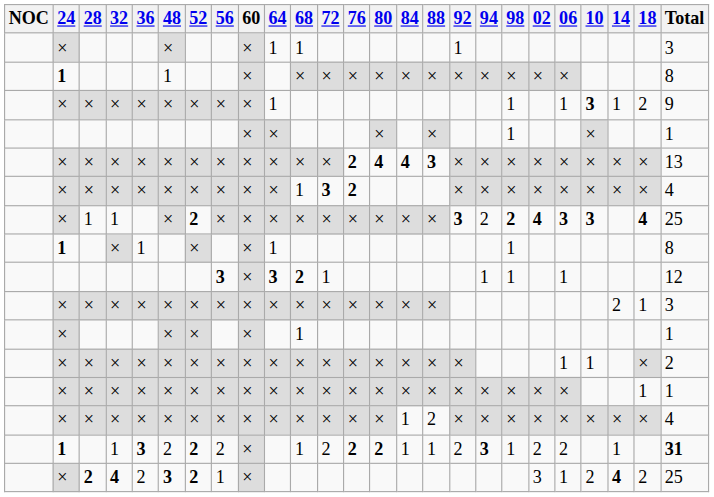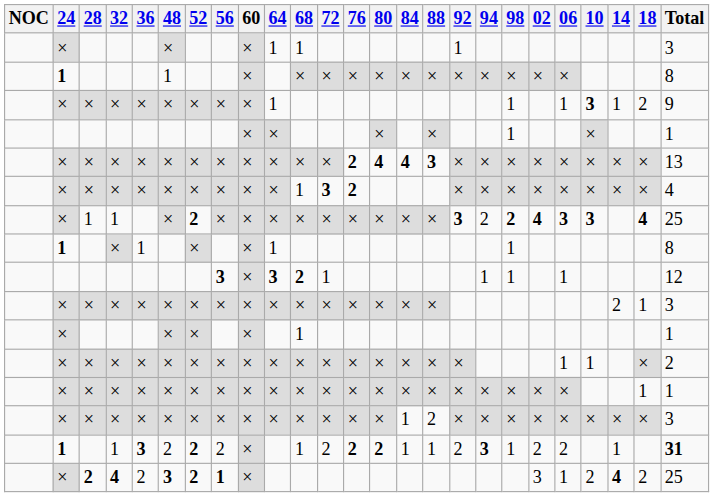 <table class=wikitable collapsible autocollapse plainrowheaders>
 <tr>
 <th>NOC</th>
 <th><a href='#'>24</a></th>
 <th><a href='#'>28</a></th>
 <th><a href='#'>32</a></th>
 <th><a href='#'>36</a></th>
 <th><a href='#'>48</a></th>
 <th><a href='#'>52</a></th>
 <th><a href='#'>56</a></th>
 <th class="unsortable"><span>60</span></th>
 <th><a href='#'>64</a></th>
 <th><a href='#'>68</a></th>
 <th><a href='#'>72</a></th>
 <th><a href='#'>76</a></th>
 <th><a href='#'>80</a></th>
 <th><a href='#'>84</a></th>
 <th><a href='#'>88</a></th>
 <th><a href='#'>92</a></th>
 <th><a href='#'>94</a></th>
 <th><a href='#'>98</a></th>
 <th><a href='#'>02</a></th>
 <th><a href='#'>06</a></th>
 <th><a href='#'>10</a></th>
 <th><a href='#'>14</a></th>
 <th><a href='#'>18</a></th>
 <th>Total</th>
 </tr>
 <tr>
 <td align=left></td>
 <td style="background:#ddd">×</td>
 <td></td>
 <td></td>
 <td></td>
 <td style="background:#ddd">×</td>
 <td></td>
 <td></td>
 <td style="background:#ddd">×</td>
 <td>1</td>
 <td>1</td>
 <td></td>
 <td></td>
 <td></td>
 <td></td>
 <td></td>
 <td>1</td>
 <td></td>
 <td></td>
 <td></td>
 <td></td>
 <td></td>
 <td></td>
 <td></td>
 <td>3</td>
 </tr>
 <tr>
 <td align=left></td>
 <td><strong>1</strong></td>
 <td></td>
 <td></td>
 <td></td>
 <td>1</td>
 <td></td>
 <td></td>
 <td style="background:#ddd">×</td>
 <td></td>
 <td style="background:#ddd">×</td>
 <td style="background:#ddd">×</td>
 <td style="background:#ddd">×</td>
 <td style="background:#ddd">×</td>
 <td style="background:#ddd">×</td>
 <td style="background:#ddd">×</td>
 <td style="background:#ddd">×</td>
 <td style="background:#ddd">×</td>
 <td style="background:#ddd">×</td>
 <td style="background:#ddd">×</td>
 <td style="background:#ddd">×</td>
 <td></td>
 <td></td>
 <td></td>
 <td>8</td>
 </tr>
 <tr>
 <td align=left></td>
 <td style="background:#ddd">×</td>
 <td style="background:#ddd">×</td>
 <td style="background:#ddd">×</td>
 <td style="background:#ddd">×</td>
 <td style="background:#ddd">×</td>
 <td style="background:#ddd">×</td>
 <td style="background:#ddd">×</td>
 <td style="background:#ddd">×</td>
 <td>1</td>
 <td></td>
 <td></td>
 <td></td>
 <td></td>
 <td></td>
 <td></td>
 <td></td>
 <td></td>
 <td>1</td>
 <td></td>
 <td>1</td>
 <td><strong>3</strong></td>
 <td>1</td>
 <td>2</td>
 <td>9</td>
 </tr>
 <tr>
 <td align=left></td>
 <td></td>
 <td></td>
 <td></td>
 <td></td>
 <td></td>
 <td></td>
 <td></td>
 <td style="background:#ddd">×</td>
 <td style="background:#ddd">×</td>
 <td></td>
 <td></td>
 <td></td>
 <td style="background:#ddd">×</td>
 <td></td>
 <td style="background:#ddd">×</td>
 <td></td>
 <td></td>
 <td>1</td>
 <td></td>
 <td></td>
 <td style="background:#ddd">×</td>
 <td></td>
 <td></td>
 <td>1</td>
 </tr>
 <tr>
 <td align=left></td>
 <td style="background:#ddd">×</td>
 <td style="background:#ddd">×</td>
 <td style="background:#ddd">×</td>
 <td style="background:#ddd">×</td>
 <td style="background:#ddd">×</td>
 <td style="background:#ddd">×</td>
 <td style="background:#ddd">×</td>
 <td style="background:#ddd">×</td>
 <td style="background:#ddd">×</td>
 <td style="background:#ddd">×</td>
 <td style="background:#ddd">×</td>
 <td><strong>2</strong></td>
 <td><strong>4</strong></td>
 <td><strong>4</strong></td>
 <td><strong>3</strong></td>
 <td style="background:#ddd">×</td>
 <td style="background:#ddd">×</td>
 <td style="background:#ddd">×</td>
 <td style="background:#ddd">×</td>
 <td style="background:#ddd">×</td>
 <td style="background:#ddd">×</td>
 <td style="background:#ddd">×</td>
 <td style="background:#ddd">×</td>
 <td>13</td>
 </tr>
 <tr>
 <td align=left></td>
 <td style="background:#ddd">×</td>
 <td style="background:#ddd">×</td>
 <td style="background:#ddd">×</td>
 <td style="background:#ddd">×</td>
 <td style="background:#ddd">×</td>
 <td style="background:#ddd">×</td>
 <td style="background:#ddd">×</td>
 <td style="background:#ddd">×</td>
 <td style="background:#ddd">×</td>
 <td>1</td>
 <td><strong>3</strong></td>
 <td><strong>2</strong></td>
 <td></td>
 <td></td>
 <td></td>
 <td style="background:#ddd">×</td>
 <td style="background:#ddd">×</td>
 <td style="background:#ddd">×</td>
 <td style="background:#ddd">×</td>
 <td style="background:#ddd">×</td>
 <td style="background:#ddd">×</td>
 <td style="background:#ddd">×</td>
 <td style="background:#ddd">×</td>
 <td>4</td>
 </tr>
 <tr>
 <td align=left></td>
 <td style="background:#ddd">×</td>
 <td>1</td>
 <td>1</td>
 <td></td>
 <td style="background:#ddd">×</td>
 <td><strong>2</strong></td>
 <td style="background:#ddd">×</td>
 <td style="background:#ddd">×</td>
 <td style="background:#ddd">×</td>
 <td style="background:#ddd">×</td>
 <td style="background:#ddd">×</td>
 <td style="background:#ddd">×</td>
 <td style="background:#ddd">×</td>
 <td style="background:#ddd">×</td>
 <td style="background:#ddd">×</td>
 <td><strong>3</strong></td>
 <td>2</td>
 <td><strong>2</strong></td>
 <td><strong>4</strong></td>
 <td><strong>3</strong></td>
 <td><strong>3</strong></td>
 <td></td>
 <td><strong>4</strong></td>
 <td>25</td>
 </tr>
 <tr>
 <td align=left></td>
 <td><strong>1</strong></td>
 <td></td>
 <td style="background:#ddd">×</td>
 <td>1</td>
 <td></td>
 <td style="background:#ddd">×</td>
 <td></td>
 <td style="background:#ddd">×</td>
 <td>1</td>
 <td></td>
 <td></td>
 <td></td>
 <td></td>
 <td></td>
 <td></td>
 <td></td>
 <td></td>
 <td>1</td>
 <td></td>
 <td></td>
 <td></td>
 <td></td>
 <td></td>
 <td>8</td>
 </tr>
 <tr>
 <td align=left></td>
 <td></td>
 <td></td>
 <td></td>
 <td></td>
 <td></td>
 <td></td>
 <td><strong>3</strong></td>
 <td style="background:#ddd">×</td>
 <td><strong>3</strong></td>
 <td><strong>2</strong></td>
 <td>1</td>
 <td></td>
 <td></td>
 <td></td>
 <td></td>
 <td></td>
 <td>1</td>
 <td>1</td>
 <td></td>
 <td>1</td>
 <td></td>
 <td></td>
 <td></td>
 <td>12</td>
 </tr>
 <tr>
 <td align=left></td>
 <td style="background:#ddd">×</td>
 <td style="background:#ddd">×</td>
 <td style="background:#ddd">×</td>
 <td style="background:#ddd">×</td>
 <td style="background:#ddd">×</td>
 <td style="background:#ddd">×</td>
 <td style="background:#ddd">×</td>
 <td style="background:#ddd">×</td>
 <td style="background:#ddd">×</td>
 <td style="background:#ddd">×</td>
 <td style="background:#ddd">×</td>
 <td style="background:#ddd">×</td>
 <td style="background:#ddd">×</td>
 <td style="background:#ddd">×</td>
 <td style="background:#ddd">×</td>
 <td></td>
 <td></td>
 <td></td>
 <td></td>
 <td></td>
 <td></td>
 <td>2</td>
 <td>1</td>
 <td>3</td>
 </tr>
 <tr>
 <td align=left></td>
 <td style="background:#ddd">×</td>
 <td></td>
 <td></td>
 <td></td>
 <td style="background:#ddd">×</td>
 <td style="background:#ddd">×</td>
 <td></td>
 <td style="background:#ddd">×</td>
 <td></td>
 <td>1</td>
 <td></td>
 <td></td>
 <td></td>
 <td></td>
 <td></td>
 <td></td>
 <td></td>
 <td></td>
 <td></td>
 <td></td>
 <td></td>
 <td></td>
 <td></td>
 <td>1</td>
 </tr>
 <tr>
 <td align=left></td>
 <td style="background:#ddd">×</td>
 <td style="background:#ddd">×</td>
 <td style="background:#ddd">×</td>
 <td style="background:#ddd">×</td>
 <td style="background:#ddd">×</td>
 <td style="background:#ddd">×</td>
 <td style="background:#ddd">×</td>
 <td style="background:#ddd">×</td>
 <td style="background:#ddd">×</td>
 <td style="background:#ddd">×</td>
 <td style="background:#ddd">×</td>
 <td style="background:#ddd">×</td>
 <td style="background:#ddd">×</td>
 <td style="background:#ddd">×</td>
 <td style="background:#ddd">×</td>
 <td style="background:#ddd">×</td>
 <td></td>
 <td></td>
 <td></td>
 <td>1</td>
 <td>1</td>
 <td></td>
 <td style="background:#ddd">×</td>
 <td>2</td>
 </tr>
 <tr>
 <td align=left></td>
 <td style="background:#ddd">×</td>
 <td style="background:#ddd">×</td>
 <td style="background:#ddd">×</td>
 <td style="background:#ddd">×</td>
 <td style="background:#ddd">×</td>
 <td style="background:#ddd">×</td>
 <td style="background:#ddd">×</td>
 <td style="background:#ddd">×</td>
 <td style="background:#ddd">×</td>
 <td style="background:#ddd">×</td>
 <td style="background:#ddd">×</td>
 <td style="background:#ddd">×</td>
 <td style="background:#ddd">×</td>
 <td style="background:#ddd">×</td>
 <td style="background:#ddd">×</td>
 <td style="background:#ddd">×</td>
 <td style="background:#ddd">×</td>
 <td style="background:#ddd">×</td>
 <td style="background:#ddd">×</td>
 <td style="background:#ddd">×</td>
 <td></td>
 <td></td>
 <td>1</td>
 <td>1</td>
 </tr>
 <tr>
 <td align=left></td>
 <td style="background:#ddd">×</td>
 <td style="background:#ddd">×</td>
 <td style="background:#ddd">×</td>
 <td style="background:#ddd">×</td>
 <td style="background:#ddd">×</td>
 <td style="background:#ddd">×</td>
 <td style="background:#ddd">×</td>
 <td style="background:#ddd">×</td>
 <td style="background:#ddd">×</td>
 <td style="background:#ddd">×</td>
 <td style="background:#ddd">×</td>
 <td style="background:#ddd">×</td>
 <td style="background:#ddd">×</td>
 <td>1</td>
 <td>2</td>
 <td style="background:#ddd">×</td>
 <td style="background:#ddd">×</td>
 <td style="background:#ddd">×</td>
 <td style="background:#ddd">×</td>
 <td style="background:#ddd">×</td>
 <td style="background:#ddd">×</td>
 <td style="background:#ddd">×</td>
 <td style="background:#ddd">×</td>
-<td>4</td>
+<td>3</td>
 </tr>
 <tr>
 <td align=left></td>
 <td><strong>1</strong></td>
 <td></td>
 <td>1</td>
 <td><strong>3</strong></td>
 <td>2</td>
 <td><strong>2</strong></td>
 <td>2</td>
 <td style="background:#ddd">×</td>
 <td></td>
 <td>1</td>
 <td>2</td>
 <td><strong>2</strong></td>
 <td><strong>2</strong></td>
 <td>1</td>
 <td>1</td>
 <td>2</td>
 <td><strong>3</strong></td>
 <td>1</td>
 <td>2</td>
 <td>2</td>
 <td></td>
 <td>1</td>
 <td></td>
 <td><strong>31</strong></td>
 </tr>
 <tr>
 <td align=left></td>
 <td style="background:#ddd">×</td>
 <td><strong>2</strong></td>
 <td><strong>4</strong></td>
 <td>2</td>
 <td><strong>3</strong></td>
 <td><strong>2</strong></td>
-<td>1</td>
+<td><strong>1</strong></td>
 <td style="background:#ddd">×</td>
 <td></td>
 <td></td>
 <td></td>
 <td></td>
 <td></td>
 <td></td>
 <td></td>
 <td></td>
 <td></td>
 <td></td>
 <td>3</td>
 <td>1</td>
 <td>2</td>
 <td><strong>4</strong></td>
 <td>2</td>
 <td>25</td>
 </tr>
 </table>
